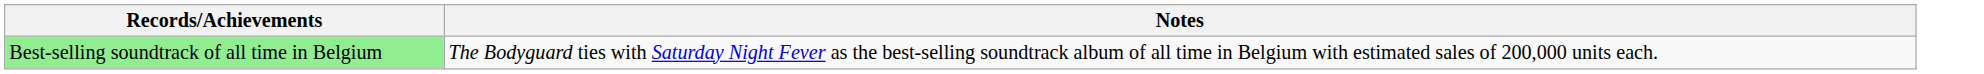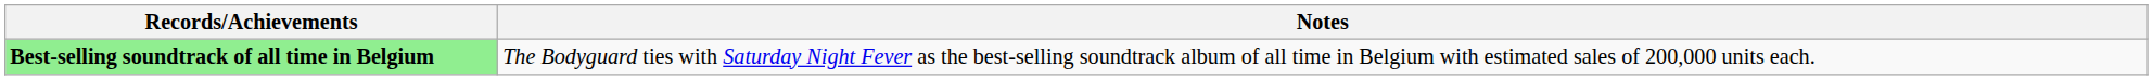 <table class="wikitable sortable plainrowheaders">
 <tr>
 <th scope="col" width=20%>Records/Achievements</th>
 <th scope="col" width=67%>Notes</th>
 </tr>
 <tr>
-<td style="background-color: #90EE90;">Best-selling soundtrack of all time in Belgium</td>
+<td style="background-color: #90EE90;"><strong>Best-selling soundtrack of all time in Belgium</strong></td>
 <td><em>The Bodyguard</em> ties with <em><a href='#'>Saturday Night Fever</a></em> as the best-selling soundtrack album of all time in Belgium with estimated sales of 200,000 units each.</td>
 </tr>
 </table>
